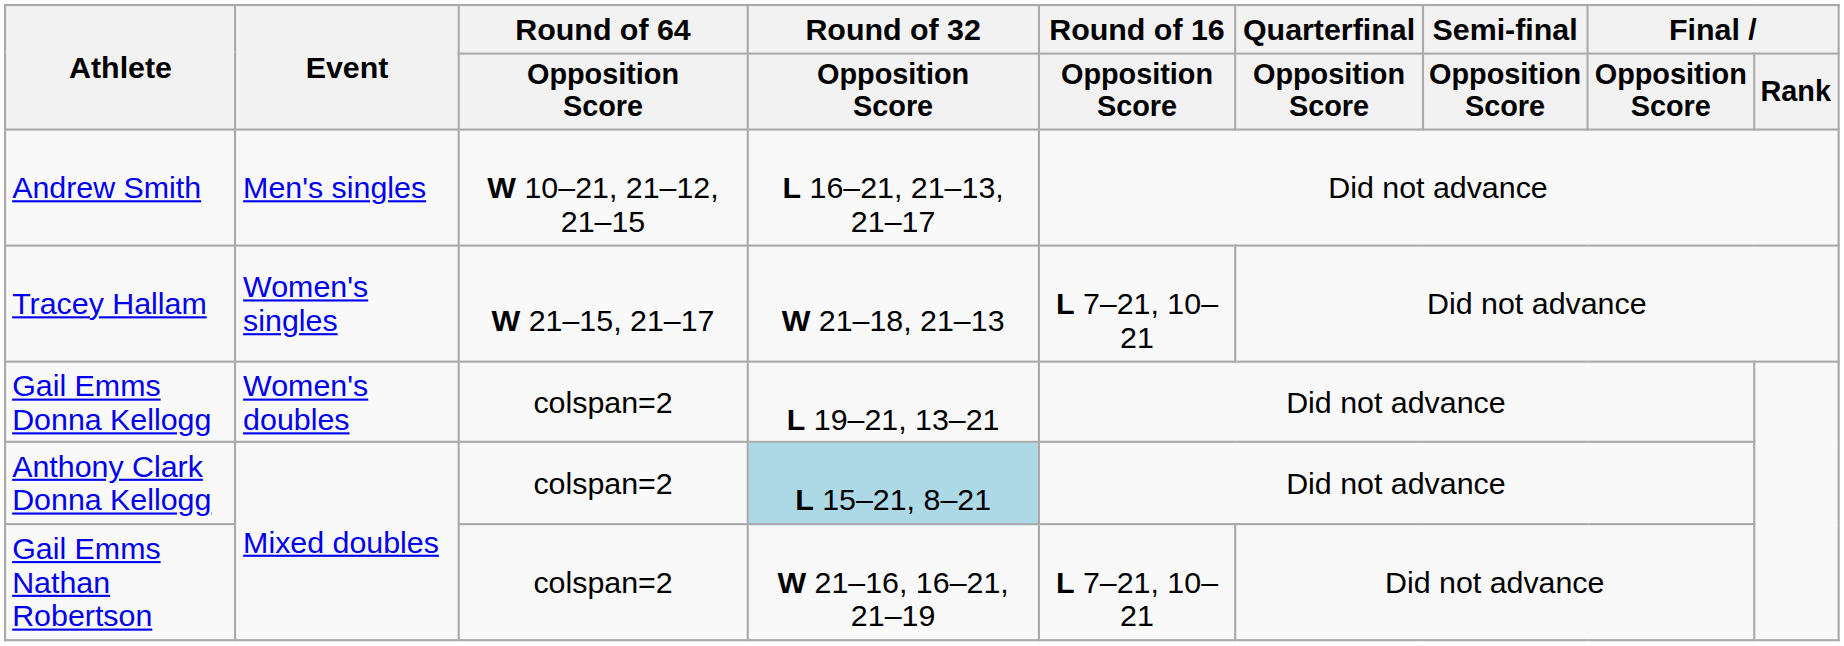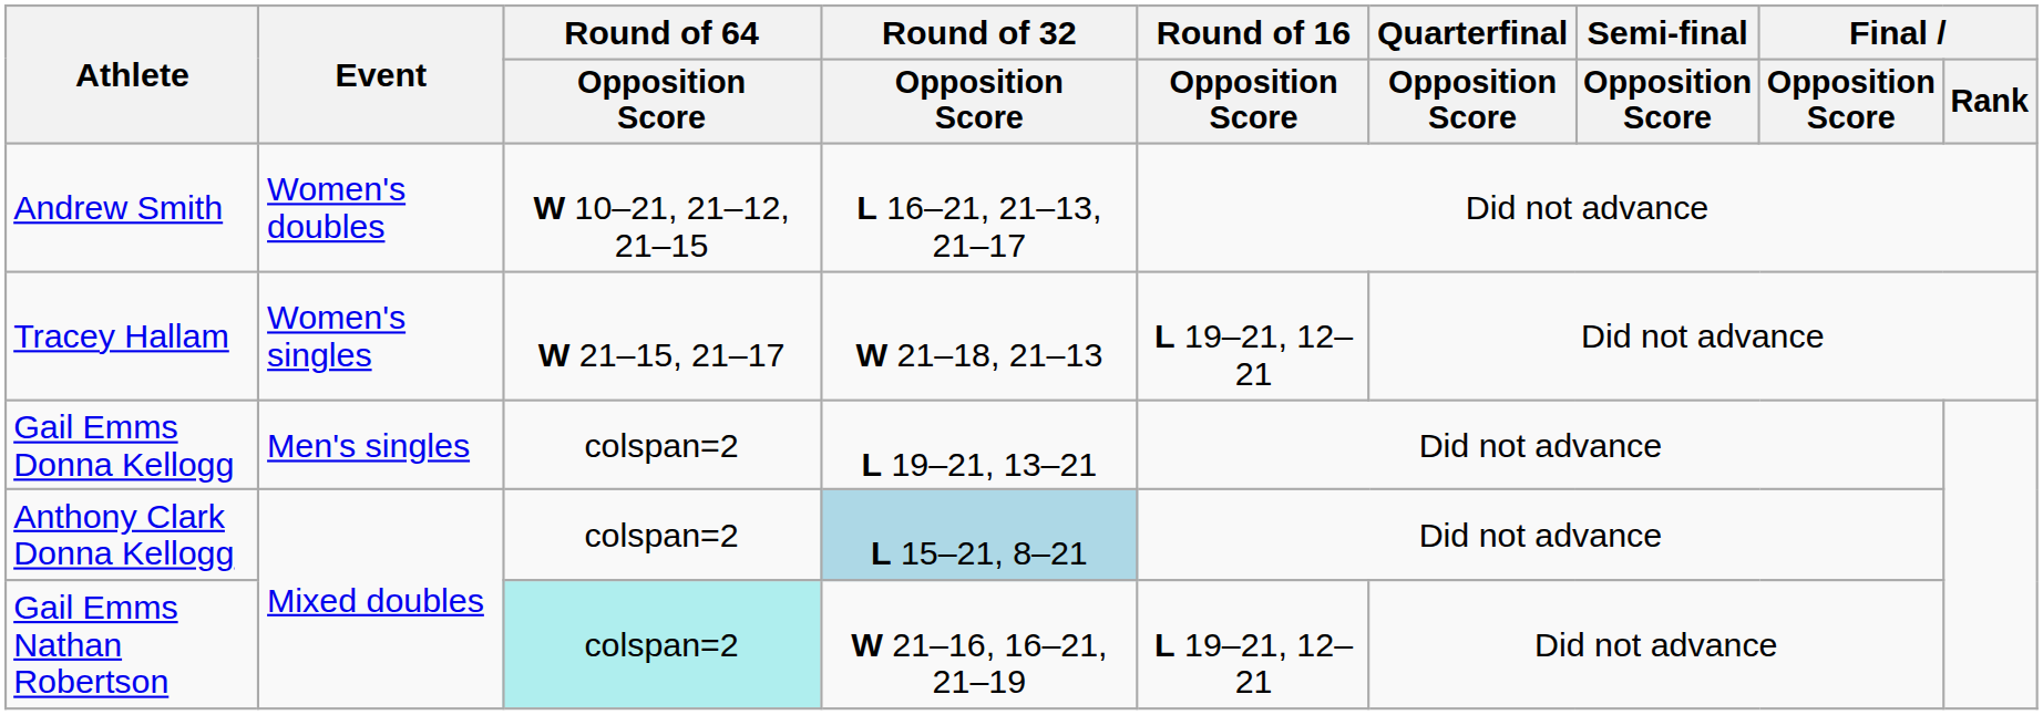 <table class=wikitable style="font-size:90%">
 <tr>
 <th rowspan="2">Athlete</th>
 <th rowspan="2">Event</th>
 <th>Round of 64</th>
 <th>Round of 32</th>
 <th>Round of 16</th>
 <th>Quarterfinal</th>
 <th>Semi-final</th>
 <th colspan=2>Final / </th>
 </tr>
 <tr style="font-size:95%">
 <th>Opposition<br>Score</th>
 <th>Opposition<br>Score</th>
 <th>Opposition<br>Score</th>
 <th>Opposition<br>Score</th>
 <th>Opposition<br>Score</th>
 <th>Opposition<br>Score</th>
 <th>Rank</th>
 </tr>
 <tr align=center>
 <td align=left><a href='#'>Andrew Smith</a></td>
-<td align=left><a href='#'>Men's singles</a></td>
+<td align=left><a href='#'>Women's doubles</a></td>
 <td><br><strong>W</strong> 10–21, 21–12, 21–15</td>
 <td><br><strong>L</strong> 16–21, 21–13, 21–17</td>
 <td colspan=5>Did not advance</td>
 </tr>
 <tr align=center>
 <td align=left><a href='#'>Tracey Hallam</a></td>
 <td align=left><a href='#'>Women's singles</a></td>
 <td><br><strong>W</strong> 21–15, 21–17</td>
 <td><br><strong>W</strong> 21–18, 21–13</td>
-<td><br><strong>L</strong> 7–21, 10–21</td>
+<td><br><strong>L</strong> 19–21, 12–21</td>
 <td colspan=4>Did not advance</td>
 </tr>
 <tr align=center>
 <td align=left><a href='#'>Gail Emms</a><br><a href='#'>Donna Kellogg</a></td>
-<td align=left><a href='#'>Women's doubles</a></td>
+<td align=left><a href='#'>Men's singles</a></td>
 <td>colspan=2 </td>
 <td><br><strong>L</strong> 19–21, 13–21</td>
 <td colspan=4>Did not advance</td>
 </tr>
 <tr align=center>
 <td align=left><a href='#'>Anthony Clark</a><br><a href='#'>Donna Kellogg</a></td>
 <td align=left rowspan=2><a href='#'>Mixed doubles</a></td>
 <td>colspan=2 </td>
 <td style="background: lightblue;"><br><strong>L</strong> 15–21, 8–21</td>
 <td colspan=4>Did not advance</td>
 </tr>
 <tr align=center>
 <td align=left><a href='#'>Gail Emms</a><br><a href='#'>Nathan Robertson</a></td>
-<td>colspan=2 </td>
+<td style="background: paleturquoise;">colspan=2 </td>
 <td><br><strong>W</strong> 21–16, 16–21, 21–19</td>
-<td><br><strong>L</strong> 7–21, 10–21</td>
+<td><br><strong>L</strong> 19–21, 12–21</td>
 <td colspan=3>Did not advance</td>
 </tr>
 </table>
